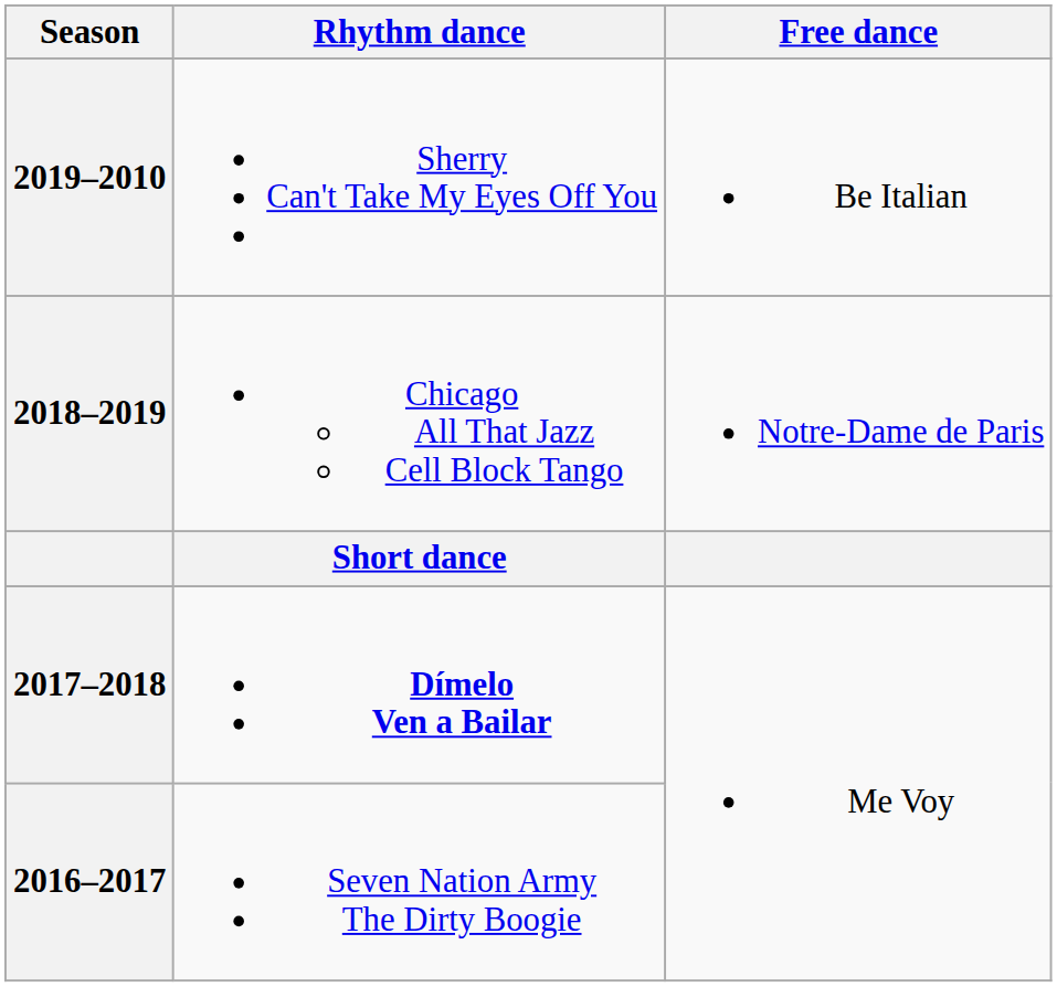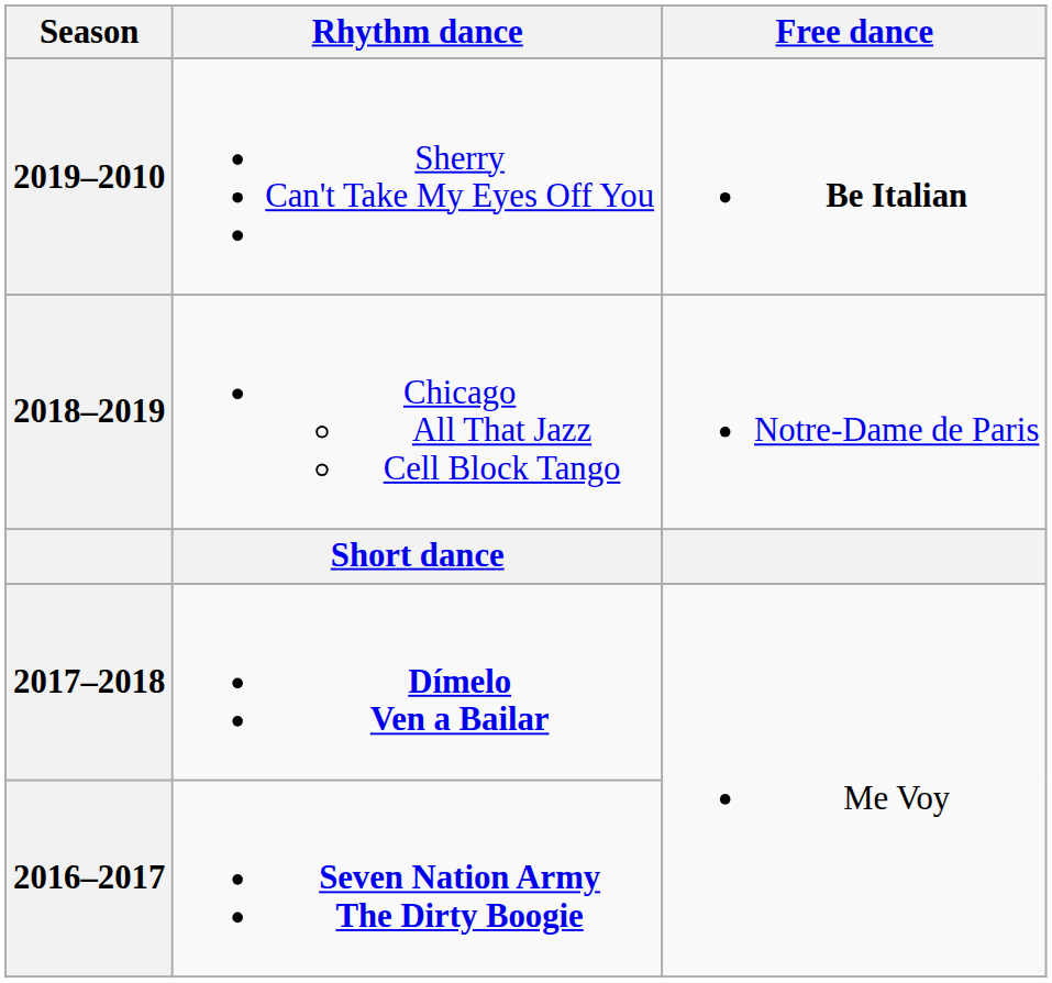 <table class=wikitable style=text-align:center>
 <tr>
 <th>Season</th>
 <th><a href='#'>Rhythm dance</a></th>
 <th><a href='#'>Free dance</a></th>
 </tr>
 <tr>
 <th>2019–2010</th>
 <td><br><ul><li> <a href='#'>Sherry</a> <br></li><li> <a href='#'>Can't Take My Eyes Off You</a> <br></li><li></li></ul></td>
-<td><br><ul><li>Be Italian <br></li></ul></td>
+<td><strong><br><ul><li>Be Italian <br></li></ul></strong></td>
 </tr>
 <tr>
 <th>2018–2019 <br> </th>
 <td><br><ul><li><a href='#'>Chicago</a> <br><ul><li> <a href='#'>All That Jazz</a></li><li> <a href='#'>Cell Block Tango</a> <br></li></ul></li></ul></td>
 <td><br><ul><li><a href='#'>Notre-Dame de Paris</a> <br></li></ul></td>
 </tr>
 <tr>
 <th></th>
 <th><a href='#'>Short dance</a></th>
 <th></th>
 </tr>
 <tr>
 <th>2017–2018 <br> </th>
 <td><strong><br><ul><li> <a href='#'>Dímelo</a> <br></li><li> <a href='#'>Ven a Bailar</a> <br></li></ul></strong></td>
 <td rowspan=2><br><ul><li>Me Voy <br></li></ul></td>
 </tr>
 <tr>
 <th>2016–2017 <br> </th>
-<td><br><ul><li> <a href='#'>Seven Nation Army</a></li><li> <a href='#'>The Dirty Boogie</a> <br></li></ul></td>
+<td><strong><br><ul><li> <a href='#'>Seven Nation Army</a></li><li> <a href='#'>The Dirty Boogie</a> <br></li></ul></strong></td>
 </tr>
 </table>
